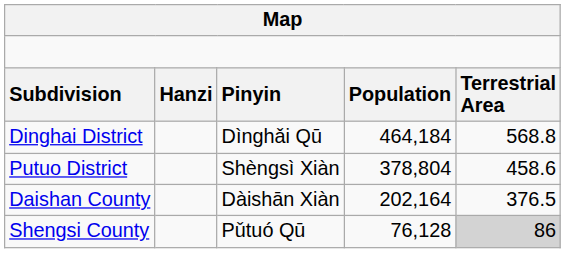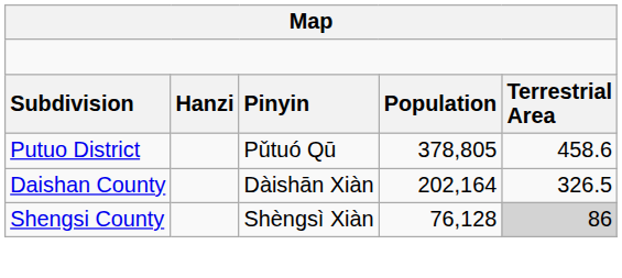 <table class="wikitable">
 <tr>
 <th colspan=5>Map</th>
 </tr>
 <tr>
 <td colspan=5><div><br>       </div></td>
 </tr>
 <tr>
 <th style="text-align:left;">Subdivision</th>
 <th style="text-align:left;">Hanzi</th>
 <th style="text-align:left;">Pinyin</th>
 <th style="text-align:left;">Population </th>
 <th style="text-align:left;">Terrestrial<br>Area </th>
 </tr>
 <tr>
-<td align=left><a href='#'>Dinghai District</a></td>
-<td align=left></td>
-<td align=left>Dìnghǎi Qū</td>
-<td align=right>464,184</td>
-<td align=right>568.8</td>
-</tr>
-<tr>
 <td align=left><a href='#'>Putuo District</a></td>
 <td align=left></td>
-<td align=left>Shèngsì Xiàn</td>
-<td align=right>378,804</td>
+<td align=left>Pǔtuó Qū</td>
+<td align=right>378,805</td>
 <td align=right>458.6</td>
 </tr>
 <tr>
 <td align=left><a href='#'>Daishan County</a></td>
 <td align=left></td>
 <td align=left>Dàishān Xiàn</td>
 <td align=right>202,164</td>
-<td align=right>376.5</td>
+<td align=right>326.5</td>
 </tr>
 <tr>
 <td align=left><a href='#'>Shengsi County</a></td>
 <td align=left></td>
-<td align=left>Pǔtuó Qū</td>
+<td align=left>Shèngsì Xiàn</td>
 <td align=right>76,128</td>
 <td align=right style="background: lightgrey;">86</td>
 </tr>
 </table>
